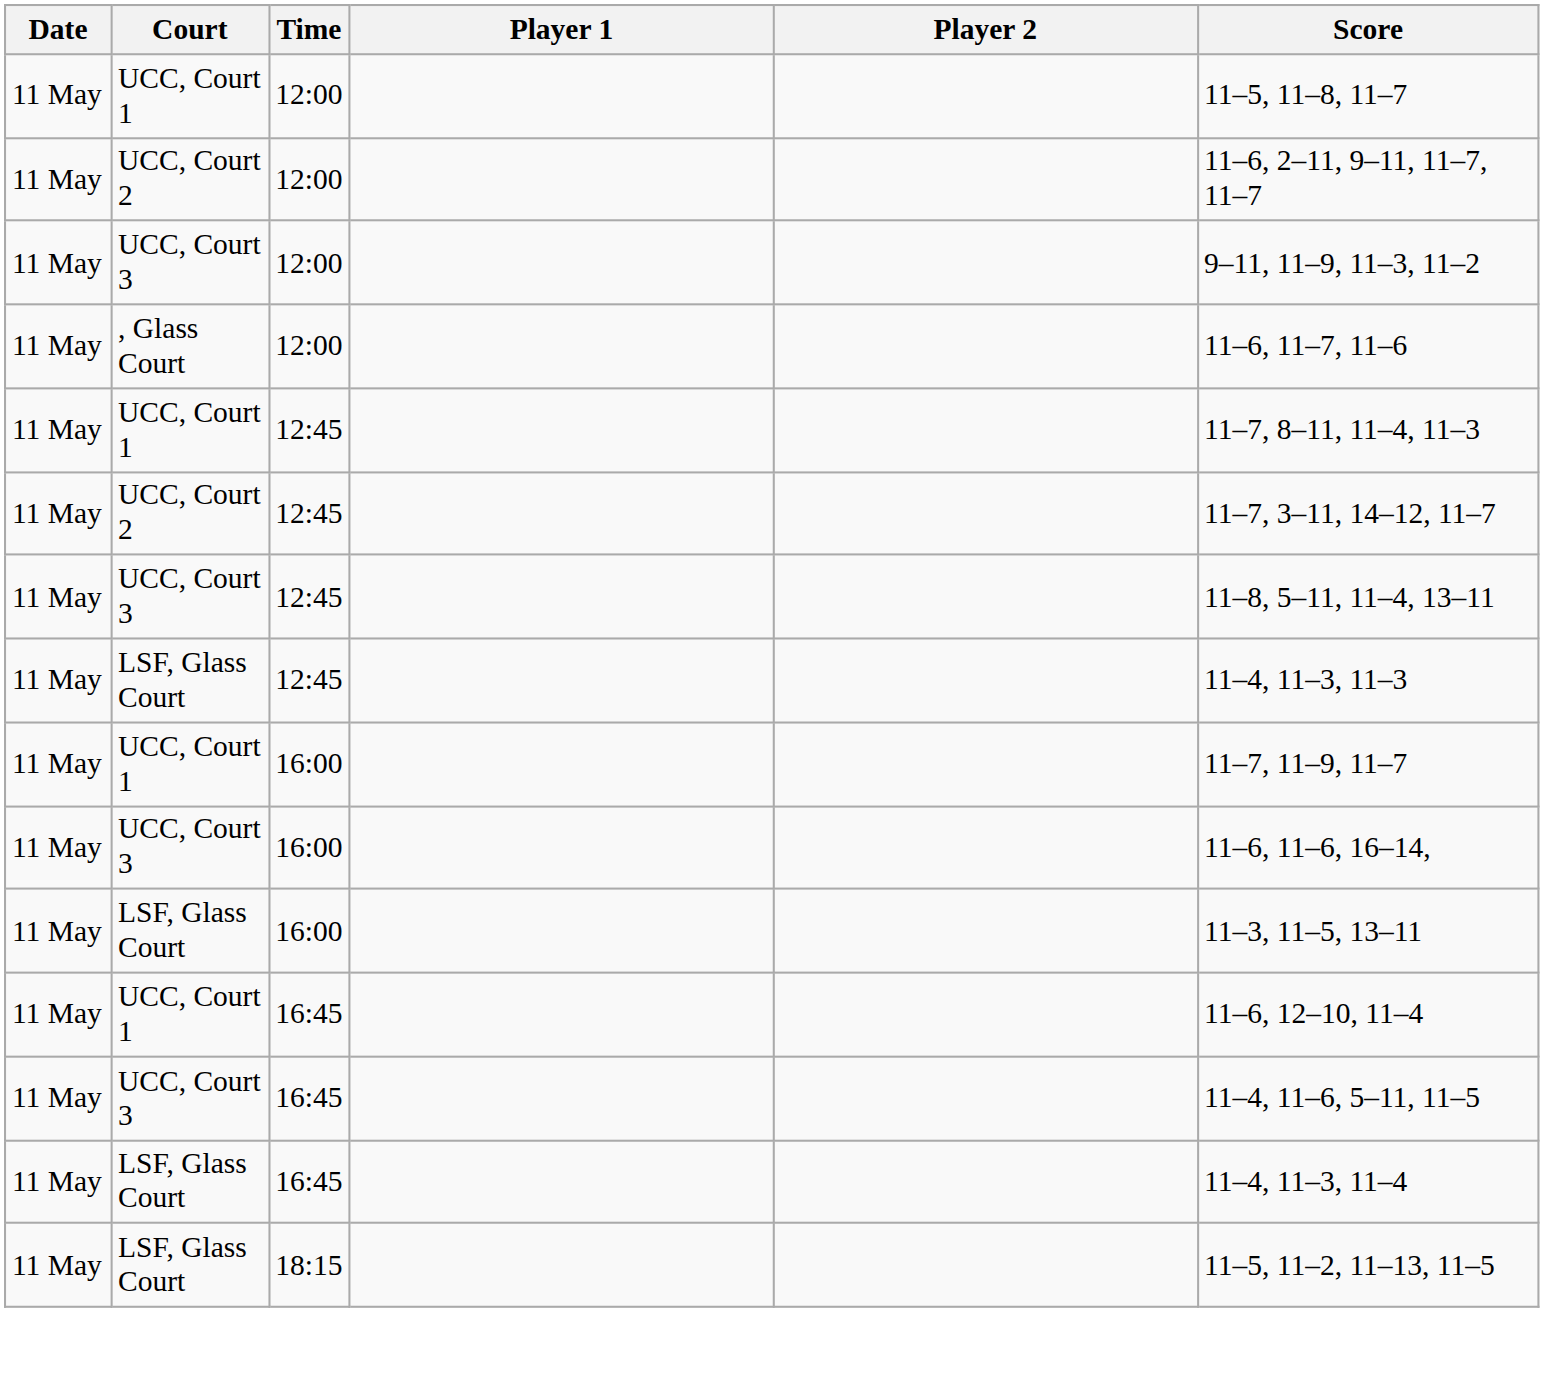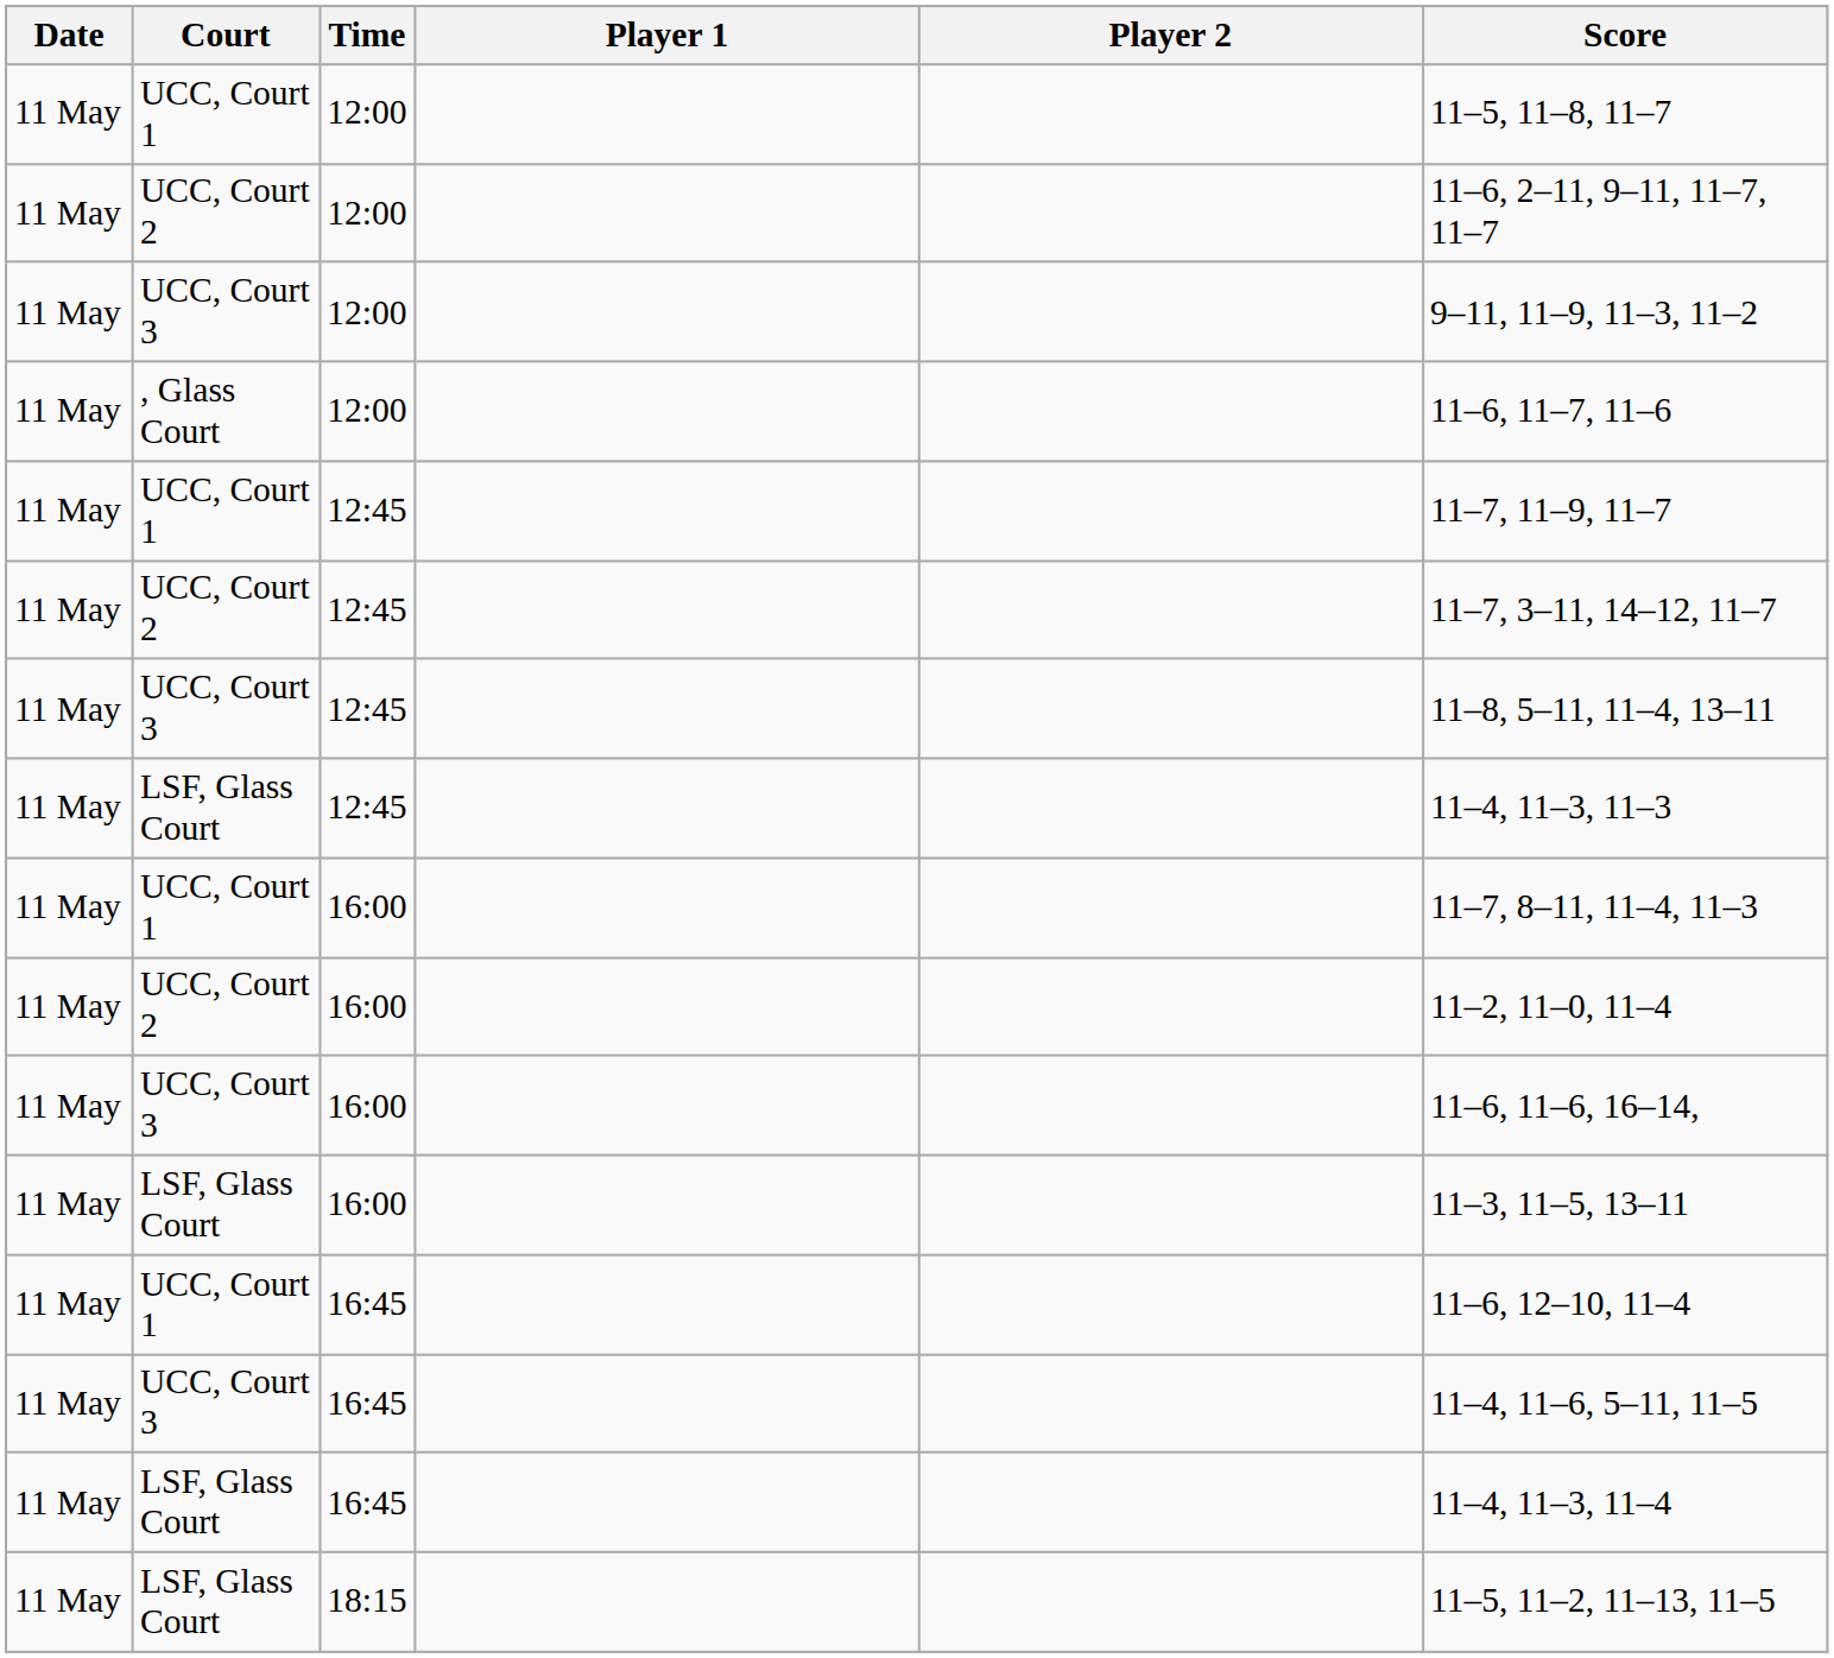 <table class="sortable wikitable" style="font-size:90%">
 <tr>
 <th width="45" class="unsortable">Date</th>
 <th width="70">Court</th>
 <th width="30">Time</th>
 <th width="200">Player 1</th>
 <th width="200">Player 2</th>
 <th width="160" class="unsortable">Score</th>
 </tr>
 <tr>
 <td>11 May</td>
 <td>UCC, Court 1</td>
 <td>12:00</td>
 <td><strong></strong></td>
 <td></td>
 <td>11–5, 11–8, 11–7</td>
 </tr>
 <tr>
 <td>11 May</td>
 <td>UCC, Court 2</td>
 <td>12:00</td>
 <td><strong></strong></td>
 <td></td>
 <td>11–6, 2–11, 9–11, 11–7, 11–7</td>
 </tr>
 <tr>
 <td>11 May</td>
 <td>UCC, Court 3</td>
 <td>12:00</td>
 <td><strong></strong></td>
 <td></td>
 <td>9–11, 11–9, 11–3, 11–2</td>
 </tr>
 <tr>
 <td>11 May</td>
 <td>, Glass Court</td>
 <td>12:00</td>
 <td><strong></strong></td>
 <td></td>
 <td>11–6, 11–7, 11–6</td>
 </tr>
 <tr>
 <td>11 May</td>
 <td>UCC, Court 1</td>
 <td>12:45</td>
 <td><strong></strong></td>
 <td></td>
-<td>11–7, 8–11, 11–4, 11–3</td>
+<td>11–7, 11–9, 11–7</td>
 </tr>
 <tr>
 <td>11 May</td>
 <td>UCC, Court 2</td>
 <td>12:45</td>
 <td><strong></strong></td>
 <td></td>
 <td>11–7, 3–11, 14–12, 11–7</td>
 </tr>
 <tr>
 <td>11 May</td>
 <td>UCC, Court 3</td>
 <td>12:45</td>
 <td><strong></strong></td>
 <td></td>
 <td>11–8, 5–11, 11–4, 13–11</td>
 </tr>
 <tr>
 <td>11 May</td>
 <td>LSF, Glass Court</td>
 <td>12:45</td>
 <td><strong></strong></td>
 <td></td>
 <td>11–4, 11–3, 11–3</td>
 </tr>
 <tr>
 <td>11 May</td>
 <td>UCC, Court 1</td>
 <td>16:00</td>
 <td><strong></strong></td>
 <td></td>
-<td>11–7, 11–9, 11–7</td>
+<td>11–7, 8–11, 11–4, 11–3</td>
+</tr>
+<tr>
+<td>11 May</td>
+<td>UCC, Court 2</td>
+<td>16:00</td>
+<td><strong></strong></td>
+<td></td>
+<td>11–2, 11–0, 11–4</td>
 </tr>
 <tr>
 <td>11 May</td>
 <td>UCC, Court 3</td>
 <td>16:00</td>
 <td><strong></strong></td>
 <td></td>
 <td>11–6, 11–6, 16–14,</td>
 </tr>
 <tr>
 <td>11 May</td>
 <td>LSF, Glass Court</td>
 <td>16:00</td>
 <td><strong></strong></td>
 <td></td>
 <td>11–3, 11–5, 13–11</td>
 </tr>
 <tr>
 <td>11 May</td>
 <td>UCC, Court 1</td>
 <td>16:45</td>
 <td><strong></strong></td>
 <td></td>
 <td>11–6, 12–10, 11–4</td>
 </tr>
 <tr>
 <td>11 May</td>
 <td>UCC, Court 3</td>
 <td>16:45</td>
 <td><strong></strong></td>
 <td></td>
 <td>11–4, 11–6, 5–11, 11–5</td>
 </tr>
 <tr>
 <td>11 May</td>
 <td>LSF, Glass Court</td>
 <td>16:45</td>
 <td><strong></strong></td>
 <td></td>
 <td>11–4, 11–3, 11–4</td>
 </tr>
 <tr>
 <td>11 May</td>
 <td>LSF, Glass Court</td>
 <td>18:15</td>
 <td><strong></strong></td>
 <td></td>
 <td>11–5, 11–2, 11–13, 11–5</td>
 </tr>
 </table>
